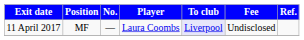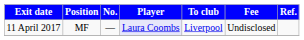 <table class="wikitable sortable">
 <tr>
 <th style="background:#00f; color:white;"><strong>Exit date</strong></th>
 <th style="background:#00f; color:white;"><strong>Position</strong></th>
 <th style="background:#00f; color:white;"><strong>No.</strong></th>
 <th style="background:#00f; color:white;"><strong>Player</strong></th>
 <th style="background:#00f; color:white;"><strong>To club</strong></th>
 <th style="background:#00f; color:white;"><strong>Fee</strong></th>
 <th style="background:#00f; color:white;"><strong>Ref.</strong></th>
 </tr>
 <tr>
 <td>11 April 2017</td>
 <td style="text-align:center;">MF</td>
 <td style="text-align:center;">—</td>
-<td style="text-align:left;"> <a href='#'>Laura Coombs</a></td>
-<td style="background: lavender; text-align:left;"> <a href='#'>Liverpool</a></td>
+<td style="background: lavender; text-align:left;"> <a href='#'>Laura Coombs</a></td>
+<td style="text-align:left;"> <a href='#'>Liverpool</a></td>
 <td>Undisclosed</td>
 <td></td>
 </tr>
 <tr>
 </tr>
 </table>
